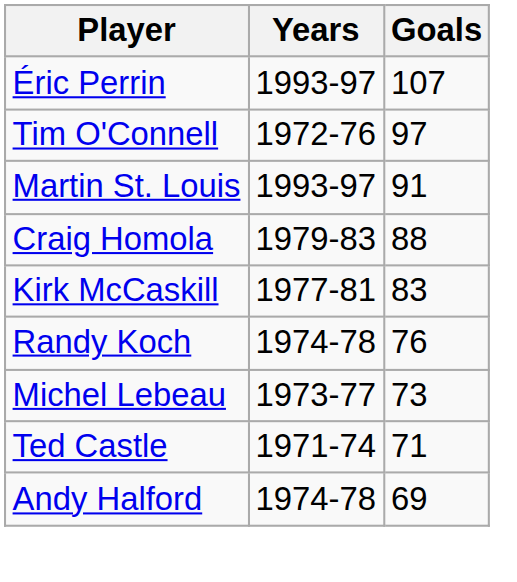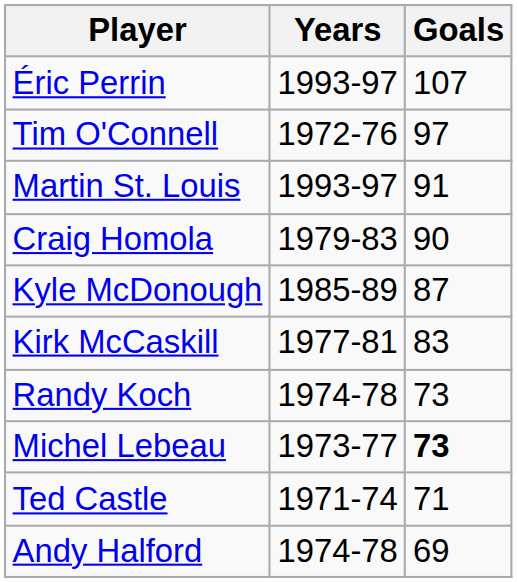 <table class="wikitable" border="1">
 <tr>
 <th>Player</th>
 <th>Years</th>
 <th>Goals</th>
 </tr>
 <tr>
 <td><a href='#'>Éric Perrin</a></td>
 <td>1993-97</td>
 <td>107</td>
 </tr>
 <tr>
 <td><a href='#'>Tim O'Connell</a></td>
 <td>1972-76</td>
 <td>97</td>
 </tr>
 <tr>
 <td><a href='#'>Martin St. Louis</a></td>
 <td>1993-97</td>
 <td>91</td>
 </tr>
 <tr>
 <td><a href='#'>Craig Homola</a></td>
 <td>1979-83</td>
-<td>88</td>
+<td>90</td>
+</tr>
+<tr>
+<td><a href='#'>Kyle McDonough</a></td>
+<td>1985-89</td>
+<td>87</td>
 </tr>
 <tr>
 <td><a href='#'>Kirk McCaskill</a></td>
 <td>1977-81</td>
 <td>83</td>
 </tr>
 <tr>
 <td><a href='#'>Randy Koch</a></td>
 <td>1974-78</td>
-<td>76</td>
+<td>73</td>
 </tr>
 <tr>
 <td><a href='#'>Michel Lebeau</a></td>
 <td>1973-77</td>
-<td>73</td>
+<td><strong>73</strong></td>
 </tr>
 <tr>
 <td><a href='#'>Ted Castle</a></td>
 <td>1971-74</td>
 <td>71</td>
 </tr>
 <tr>
 <td><a href='#'>Andy Halford</a></td>
 <td>1974-78</td>
 <td>69</td>
 </tr>
 </table>
